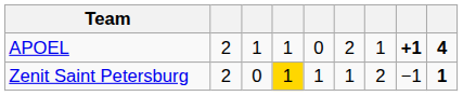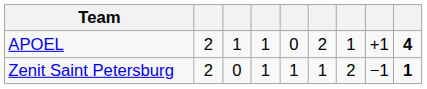 <table class="wikitable" style="text-align:center">
 <tr>
 <th style="width:175px">Team</th>
 <th width="20"></th>
 <th width="20"></th>
 <th width="20"></th>
 <th width="20"></th>
 <th width="20"></th>
 <th width="20"></th>
 <th width="20"></th>
 <th width="20"></th>
 </tr>
 <tr>
 <td align="left"> <a href='#'>APOEL</a></td>
 <td>2</td>
 <td>1</td>
 <td>1</td>
 <td>0</td>
 <td>2</td>
 <td>1</td>
-<td><strong>+1</strong></td>
+<td>+1</td>
 <td><strong>4</strong></td>
 </tr>
 <tr>
 <td align="left"> <a href='#'>Zenit Saint Petersburg</a></td>
 <td>2</td>
 <td>0</td>
-<td style="background: gold;">1</td>
+<td>1</td>
 <td>1</td>
 <td>1</td>
 <td>2</td>
 <td>−1</td>
 <td><strong>1</strong></td>
 </tr>
 </table>
